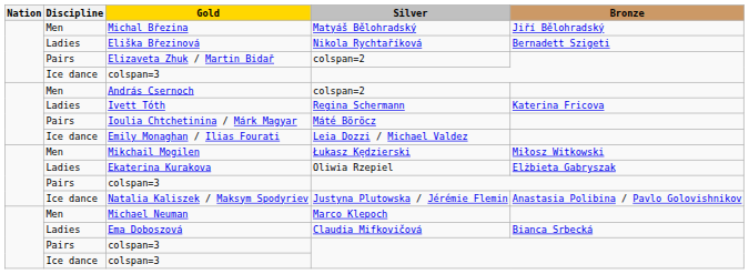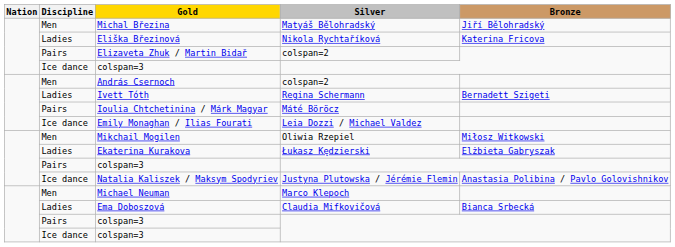 <table class="wikitable">
 <tr>
 <th>Nation</th>
 <th>Discipline</th>
 <td align=center bgcolor=gold><strong>Gold</strong></td>
 <td align=center bgcolor=silver><strong>Silver</strong></td>
 <td align=center bgcolor=cc9966><strong>Bronze</strong></td>
 </tr>
 <tr>
 <td rowspan=4><strong></strong></td>
 <td>Men</td>
 <td><a href='#'>Michal Březina</a></td>
 <td><a href='#'>Matyáš Bělohradský</a></td>
 <td><a href='#'>Jiří Bělohradský</a></td>
 </tr>
 <tr>
 <td>Ladies</td>
 <td><a href='#'>Eliška Březinová</a></td>
 <td><a href='#'>Nikola Rychtaříková</a></td>
-<td><a href='#'>Bernadett Szigeti</a></td>
+<td><a href='#'>Katerina Fricova</a></td>
 </tr>
 <tr>
 <td>Pairs</td>
 <td><a href='#'>Elizaveta Zhuk</a> / <a href='#'>Martin Bidař</a></td>
 <td>colspan=2 </td>
 </tr>
 <tr>
 <td>Ice dance</td>
 <td>colspan=3 </td>
 </tr>
 <tr>
 <td rowspan=4><strong></strong></td>
 <td>Men</td>
 <td><a href='#'>András Csernoch</a></td>
 <td>colspan=2 </td>
 <td></td>
 </tr>
 <tr>
 <td>Ladies</td>
 <td><a href='#'>Ivett Tóth</a></td>
 <td><a href='#'>Regina Schermann</a></td>
-<td><a href='#'>Katerina Fricova</a></td>
+<td><a href='#'>Bernadett Szigeti</a></td>
 </tr>
 <tr>
 <td>Pairs</td>
 <td><a href='#'>Ioulia Chtchetinina</a> / <a href='#'>Márk Magyar</a></td>
 <td><a href='#'>Máté Böröcz</a></td>
 </tr>
 <tr>
 <td>Ice dance</td>
 <td><a href='#'>Emily Monaghan</a> / <a href='#'>Ilias Fourati</a></td>
 <td><a href='#'>Leia Dozzi</a> / <a href='#'>Michael Valdez</a></td>
 <td></td>
 </tr>
 <tr>
 <td rowspan=4><strong></strong></td>
 <td>Men</td>
 <td><a href='#'>Mikchail Mogilen</a></td>
-<td><a href='#'>Łukasz Kędzierski</a></td>
+<td>Oliwia Rzepiel</td>
 <td><a href='#'>Miłosz Witkowski</a></td>
 </tr>
 <tr>
 <td>Ladies</td>
 <td><a href='#'>Ekaterina Kurakova</a></td>
-<td>Oliwia Rzepiel</td>
+<td><a href='#'>Łukasz Kędzierski</a></td>
 <td><a href='#'>Elżbieta Gabryszak</a></td>
 </tr>
 <tr>
 <td>Pairs</td>
 <td>colspan=3 </td>
 </tr>
 <tr>
 <td>Ice dance</td>
 <td><a href='#'>Natalia Kaliszek</a> / <a href='#'>Maksym Spodyriev</a></td>
 <td><a href='#'>Justyna Plutowska</a> / <a href='#'>Jérémie Flemin</a></td>
 <td><a href='#'>Anastasia Polibina</a> / <a href='#'>Pavlo Golovishnikov</a></td>
 </tr>
 <tr>
 <td rowspan=4><strong></strong></td>
 <td>Men</td>
 <td><a href='#'>Michael Neuman</a></td>
 <td><a href='#'>Marco Klepoch</a></td>
 <td></td>
 </tr>
 <tr>
 <td>Ladies</td>
 <td><a href='#'>Ema Doboszová</a></td>
 <td><a href='#'>Claudia Mifkovičová</a></td>
 <td><a href='#'>Bianca Srbecká</a></td>
 </tr>
 <tr>
 <td>Pairs</td>
 <td>colspan=3 </td>
 </tr>
 <tr>
 <td>Ice dance</td>
 <td>colspan=3 </td>
 </tr>
 </table>
